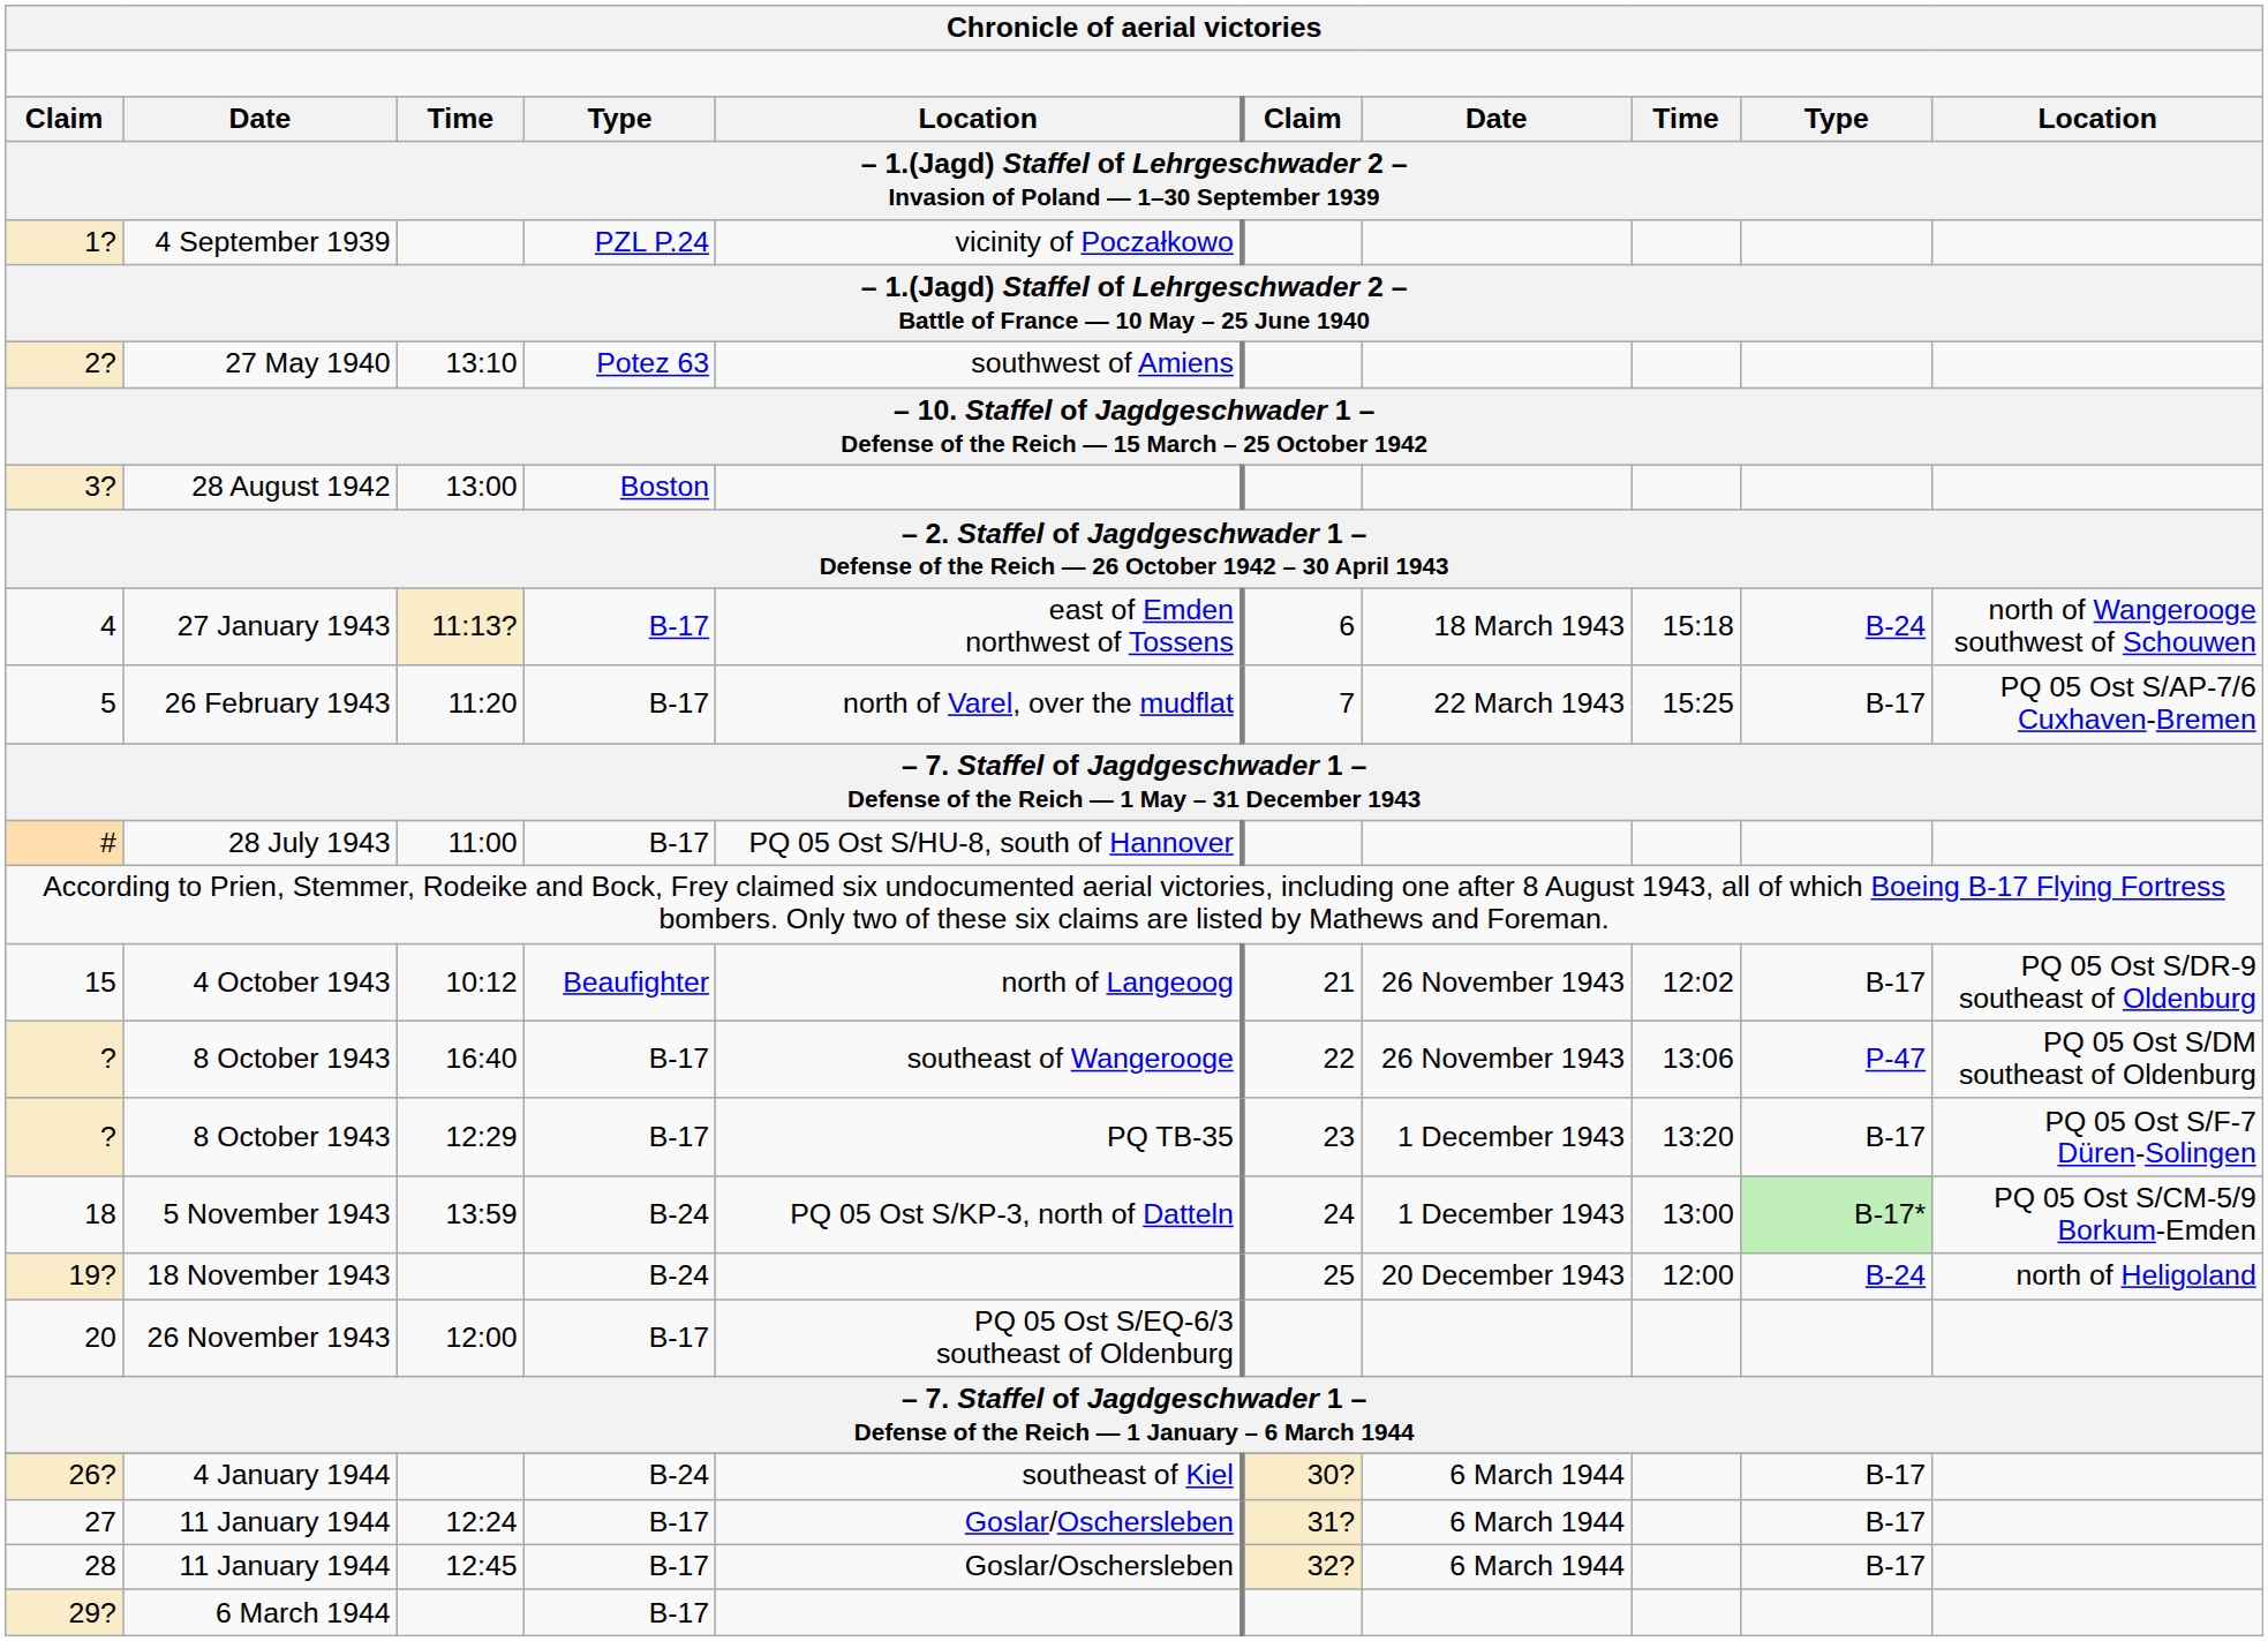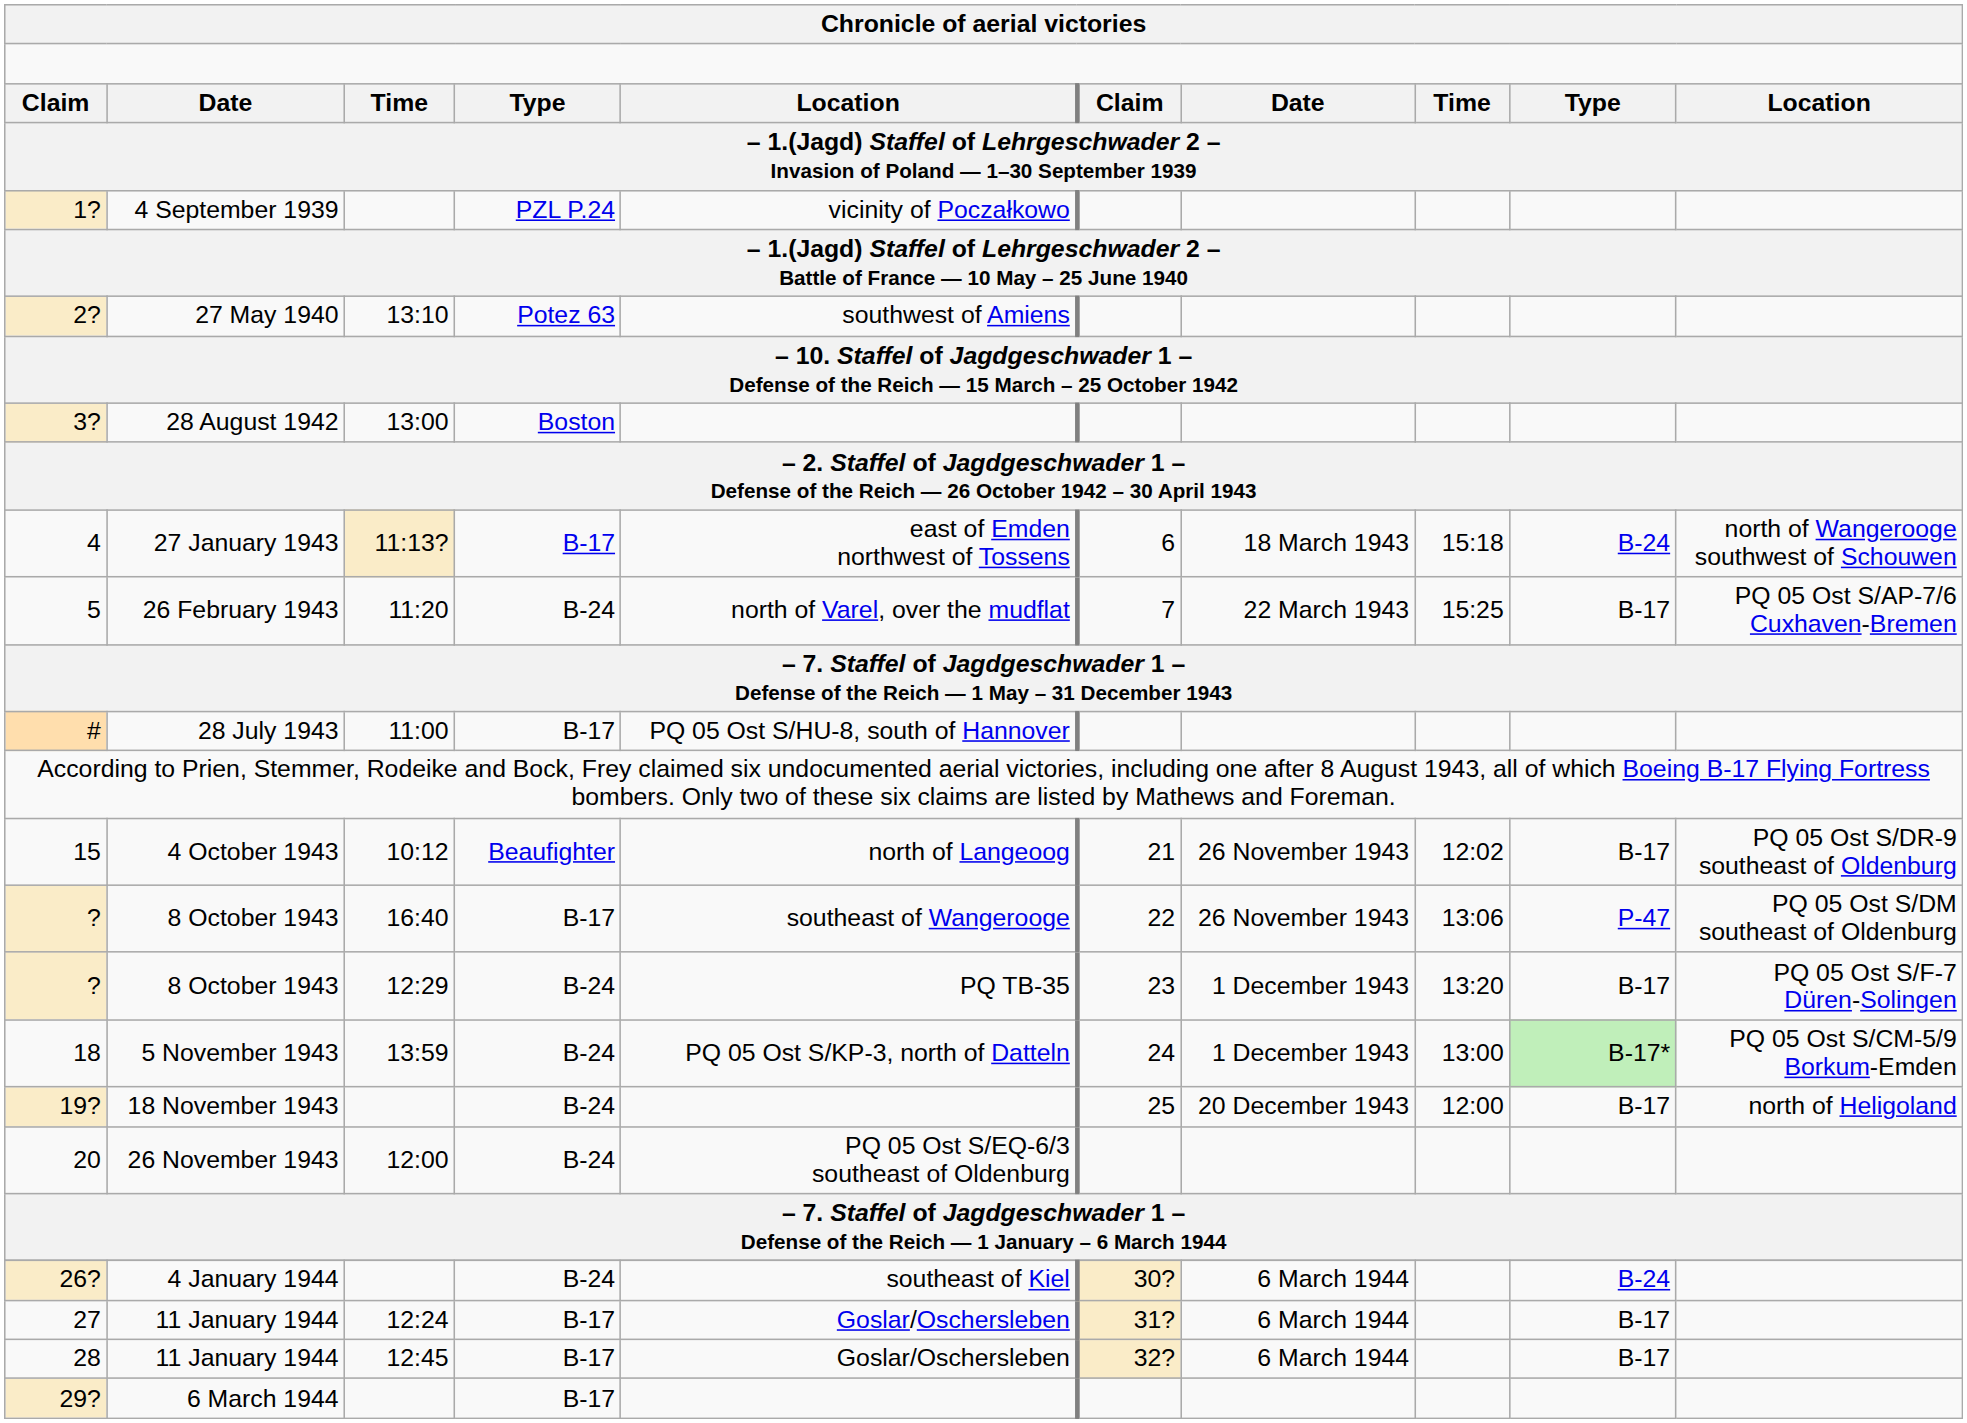 <table class="wikitable plainrowheaders collapsible" style="margin-left: auto; margin-right: auto; border: none; text-align:right; width: 100%;">
 <tr>
 <th colspan="10">Chronicle of aerial victories</th>
 </tr>
 <tr>
 <td colspan="10" style="text-align: left;"><br>  </td>
 </tr>
 <tr>
 <th scope="col">Claim</th>
 <th scope="col">Date</th>
 <th scope="col">Time</th>
 <th scope="col" width="100px">Type</th>
 <th scope="col">Location</th>
 <th scope="col" style="border-left: 3px solid grey;">Claim</th>
 <th scope="col">Date</th>
 <th scope="col">Time</th>
 <th scope="col" width="100px">Type</th>
 <th scope="col">Location</th>
 </tr>
 <tr>
 <th colspan="10">– 1.(Jagd) <em>Staffel</em> of <em>Lehrgeschwader</em> 2 –<br><small>Invasion of Poland — 1–30 September 1939</small></th>
 </tr>
 <tr>
 <td style="background:#faecc8">1?</td>
 <td>4 September 1939</td>
 <td></td>
 <td><a href='#'>PZL P.24</a></td>
 <td>vicinity of <a href='#'>Poczałkowo</a></td>
 <td style="border-left: 3px solid grey;"></td>
 <td></td>
 <td></td>
 <td></td>
 <td></td>
 </tr>
 <tr>
 <th colspan="10">– 1.(Jagd) <em>Staffel</em> of <em>Lehrgeschwader</em> 2 –<br><small>Battle of France — 10 May – 25 June 1940</small></th>
 </tr>
 <tr>
 <td style="background:#faecc8">2?</td>
 <td>27 May 1940</td>
 <td>13:10</td>
 <td><a href='#'>Potez 63</a></td>
 <td>southwest of <a href='#'>Amiens</a></td>
 <td style="border-left: 3px solid grey;"></td>
 <td></td>
 <td></td>
 <td></td>
 <td></td>
 </tr>
 <tr>
 <th colspan="10">– 10. <em>Staffel</em> of <em>Jagdgeschwader</em> 1 –<br><small>Defense of the Reich — 15 March – 25 October 1942</small></th>
 </tr>
 <tr>
 <td style="background:#faecc8">3?</td>
 <td>28 August 1942</td>
 <td>13:00</td>
 <td><a href='#'>Boston</a></td>
 <td></td>
 <td style="border-left: 3px solid grey;"></td>
 <td></td>
 <td></td>
 <td></td>
 <td></td>
 </tr>
 <tr>
 <th colspan="10">– 2. <em>Staffel</em> of <em>Jagdgeschwader</em> 1 –<br><small>Defense of the Reich — 26 October 1942 – 30 April 1943</small></th>
 </tr>
 <tr>
 <td>4</td>
 <td>27 January 1943</td>
 <td style="background:#faecc8">11:13?</td>
 <td><a href='#'>B-17</a></td>
 <td>east of <a href='#'>Emden</a><br> northwest of <a href='#'>Tossens</a></td>
 <td style="border-left: 3px solid grey;">6</td>
 <td>18 March 1943</td>
 <td>15:18</td>
 <td><a href='#'>B-24</a></td>
 <td>north of <a href='#'>Wangerooge</a><br> southwest of <a href='#'>Schouwen</a></td>
 </tr>
 <tr>
 <td>5</td>
 <td>26 February 1943</td>
 <td>11:20</td>
-<td>B-17</td>
+<td>B-24</td>
 <td>north of <a href='#'>Varel</a>, over the <a href='#'>mudflat</a></td>
 <td style="border-left: 3px solid grey;">7</td>
 <td>22 March 1943</td>
 <td>15:25</td>
 <td>B-17</td>
 <td>PQ 05 Ost S/AP-7/6<br><a href='#'>Cuxhaven</a>-<a href='#'>Bremen</a></td>
 </tr>
 <tr>
 <th colspan="10">– 7. <em>Staffel</em> of <em>Jagdgeschwader</em> 1 –<br><small>Defense of the Reich — 1 May – 31 December 1943</small></th>
 </tr>
 <tr>
 <td style="background:#ffdead">#</td>
 <td>28 July 1943</td>
 <td>11:00</td>
 <td>B-17</td>
 <td>PQ 05 Ost S/HU-8, south of <a href='#'>Hannover</a></td>
 <td style="border-left: 3px solid grey;"></td>
 <td></td>
 <td></td>
 <td></td>
 <td></td>
 </tr>
 <tr>
 <td colspan="10" style="text-align: center">According to Prien, Stemmer, Rodeike and Bock, Frey claimed six undocumented aerial victories, including one after 8 August 1943, all of which <a href='#'>Boeing B-17 Flying Fortress</a> bombers. Only two of these six claims are listed by Mathews and Foreman.</td>
 </tr>
 <tr>
 <td>15</td>
 <td>4 October 1943</td>
 <td>10:12</td>
 <td><a href='#'>Beaufighter</a></td>
 <td>north of <a href='#'>Langeoog</a></td>
 <td style="border-left: 3px solid grey;">21</td>
 <td>26 November 1943</td>
 <td>12:02</td>
 <td>B-17</td>
 <td>PQ 05 Ost S/DR-9<br>southeast of <a href='#'>Oldenburg</a></td>
 </tr>
 <tr>
 <td style="background:#faecc8">?</td>
 <td>8 October 1943</td>
 <td>16:40</td>
 <td>B-17</td>
 <td>southeast of <a href='#'>Wangerooge</a></td>
 <td style="border-left: 3px solid grey;">22</td>
 <td>26 November 1943</td>
 <td>13:06</td>
 <td><a href='#'>P-47</a></td>
 <td>PQ 05 Ost S/DM<br>southeast of Oldenburg</td>
 </tr>
 <tr>
 <td style="background:#faecc8">?</td>
 <td>8 October 1943</td>
 <td>12:29</td>
-<td>B-17</td>
+<td>B-24</td>
 <td>PQ TB-35</td>
 <td style="border-left: 3px solid grey;">23</td>
 <td>1 December 1943</td>
 <td>13:20</td>
 <td>B-17</td>
 <td>PQ 05 Ost S/F-7<br><a href='#'>Düren</a>-<a href='#'>Solingen</a></td>
 </tr>
 <tr>
 <td>18</td>
 <td>5 November 1943</td>
 <td>13:59</td>
 <td>B-24</td>
 <td>PQ 05 Ost S/KP-3,  north of <a href='#'>Datteln</a></td>
 <td style="border-left: 3px solid grey;">24</td>
 <td>1 December 1943</td>
 <td>13:00</td>
 <td style="background:#C0EFBA">B-17*</td>
 <td>PQ 05 Ost S/CM-5/9<br><a href='#'>Borkum</a>-Emden</td>
 </tr>
 <tr>
 <td style="background:#faecc8">19?</td>
 <td>18 November 1943</td>
 <td></td>
 <td>B-24</td>
 <td></td>
 <td style="border-left: 3px solid grey;">25</td>
 <td>20 December 1943</td>
 <td>12:00</td>
-<td><a href='#'>B-24</a></td>
+<td>B-17</td>
 <td>north of <a href='#'>Heligoland</a></td>
 </tr>
 <tr>
 <td>20</td>
 <td>26 November 1943</td>
 <td>12:00</td>
-<td>B-17</td>
+<td>B-24</td>
 <td>PQ 05 Ost S/EQ-6/3<br>southeast of Oldenburg</td>
 <td style="border-left: 3px solid grey;"></td>
 <td></td>
 <td></td>
 <td></td>
 <td></td>
 </tr>
 <tr>
 <th colspan="10">– 7. <em>Staffel</em> of <em>Jagdgeschwader</em> 1 –<br><small>Defense of the Reich — 1 January – 6 March 1944</small></th>
 </tr>
 <tr>
 </tr>
 <tr>
 <td style="background:#faecc8">26?</td>
 <td>4 January 1944</td>
 <td></td>
 <td>B-24</td>
 <td>southeast of <a href='#'>Kiel</a></td>
 <td style="border-left: 3px solid grey; background:#faecc8">30?</td>
 <td>6 March 1944</td>
 <td></td>
-<td>B-17</td>
+<td><a href='#'>B-24</a></td>
 <td></td>
 </tr>
 <tr>
 <td>27</td>
 <td>11 January 1944</td>
 <td>12:24</td>
 <td>B-17</td>
 <td><a href='#'>Goslar</a>/<a href='#'>Oschersleben</a></td>
 <td style="border-left: 3px solid grey; background:#faecc8">31?</td>
 <td>6 March 1944</td>
 <td></td>
 <td>B-17</td>
 <td></td>
 </tr>
 <tr>
 <td>28</td>
 <td>11 January 1944</td>
 <td>12:45</td>
 <td>B-17</td>
 <td>Goslar/Oschersleben</td>
 <td style="border-left: 3px solid grey; background:#faecc8">32?</td>
 <td>6 March 1944</td>
 <td></td>
 <td>B-17</td>
 <td></td>
 </tr>
 <tr>
 <td style="background:#faecc8">29?</td>
 <td>6 March 1944</td>
 <td></td>
 <td>B-17</td>
 <td></td>
 <td style="border-left: 3px solid grey;"></td>
 <td></td>
 <td></td>
 <td></td>
 <td></td>
 </tr>
 </table>
